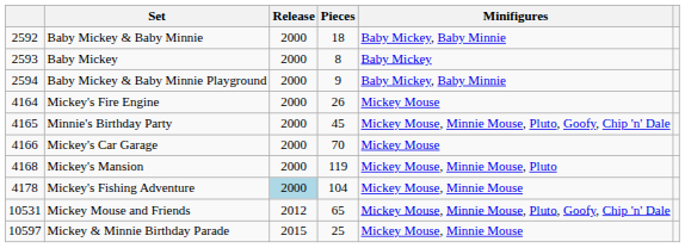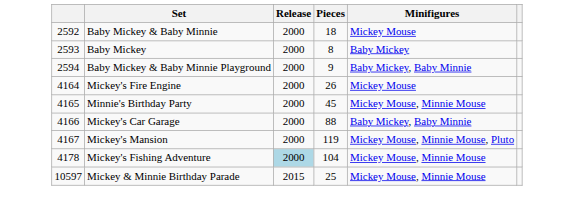 <table class="sortable wikitable" cellpadding="5" style="font-size:90%; text-align:center; margin: 1em auto 1em auto">
 <tr>
 <th></th>
 <th>Set</th>
 <th>Release</th>
 <th>Pieces</th>
 <th>Minifigures</th>
 <th class="unsortable"></th>
 </tr>
 <tr>
 <td>2592</td>
 <td align=left>Baby Mickey & Baby Minnie</td>
 <td>2000</td>
 <td>18</td>
-<td align=left><a href='#'>Baby Mickey</a>, <a href='#'>Baby Minnie</a></td>
+<td align=left><a href='#'>Mickey Mouse</a></td>
 <td></td>
 </tr>
 <tr>
 <td>2593</td>
 <td align=left>Baby Mickey</td>
 <td>2000</td>
 <td>8</td>
 <td align=left><a href='#'>Baby Mickey</a></td>
 <td></td>
 </tr>
 <tr>
 <td>2594</td>
 <td align=left>Baby Mickey & Baby Minnie Playground</td>
 <td>2000</td>
 <td>9</td>
 <td align=left><a href='#'>Baby Mickey</a>, <a href='#'>Baby Minnie</a></td>
 <td></td>
 </tr>
 <tr>
 <td>4164</td>
 <td align=left>Mickey's Fire Engine</td>
 <td>2000</td>
 <td>26</td>
 <td align=left><a href='#'>Mickey Mouse</a></td>
 <td></td>
 </tr>
 <tr>
 <td>4165</td>
 <td align=left>Minnie's Birthday Party</td>
 <td>2000</td>
 <td>45</td>
-<td align=left><a href='#'>Mickey Mouse</a>, <a href='#'>Minnie Mouse</a>, <a href='#'>Pluto</a>, <a href='#'>Goofy</a>, <a href='#'>Chip 'n' Dale</a></td>
+<td align=left><a href='#'>Mickey Mouse</a>, <a href='#'>Minnie Mouse</a></td>
 <td></td>
 </tr>
 <tr>
 <td>4166</td>
 <td align=left>Mickey's Car Garage</td>
 <td>2000</td>
-<td>70</td>
-<td align=left><a href='#'>Mickey Mouse</a></td>
+<td>88</td>
+<td align=left><a href='#'>Baby Mickey</a>, <a href='#'>Baby Minnie</a></td>
 <td></td>
 </tr>
 <tr>
-<td>4168</td>
+<td>4167</td>
 <td align=left>Mickey's Mansion</td>
 <td>2000</td>
 <td>119</td>
 <td align=left><a href='#'>Mickey Mouse</a>, <a href='#'>Minnie Mouse</a>, <a href='#'>Pluto</a></td>
 <td></td>
 </tr>
 <tr>
 <td>4178</td>
 <td align=left>Mickey's Fishing Adventure</td>
 <td style="background: lightblue;">2000</td>
 <td>104</td>
 <td align=left><a href='#'>Mickey Mouse</a>, <a href='#'>Minnie Mouse</a></td>
 <td></td>
 </tr>
 <tr>
-<td>10531</td>
-<td align=left>Mickey Mouse and Friends</td>
-<td>2012</td>
-<td>65</td>
-<td align=left><a href='#'>Mickey Mouse</a>, <a href='#'>Minnie Mouse</a>, <a href='#'>Pluto</a>, <a href='#'>Goofy</a>, <a href='#'>Chip 'n' Dale</a></td>
-<td></td>
-</tr>
-<tr>
 <td>10597</td>
 <td align=left>Mickey & Minnie Birthday Parade</td>
 <td>2015</td>
 <td>25</td>
 <td align=left><a href='#'>Mickey Mouse</a>, <a href='#'>Minnie Mouse</a></td>
 <td></td>
 </tr>
 </table>
